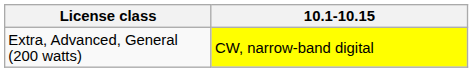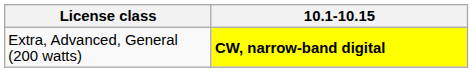 <table class="wikitable" style="font-size:70%">
 <tr>
 <th style="width: 150px;">License class</th>
 <th style="width: 187px;">10.1-10.15</th>
 </tr>
 <tr>
 <td>Extra, Advanced, General (200 watts)</td>
-<td style="background-color: yellow">CW, narrow-band digital</td>
+<td style="background-color: yellow"><strong>CW, narrow-band digital</strong></td>
 </tr>
 </table>
